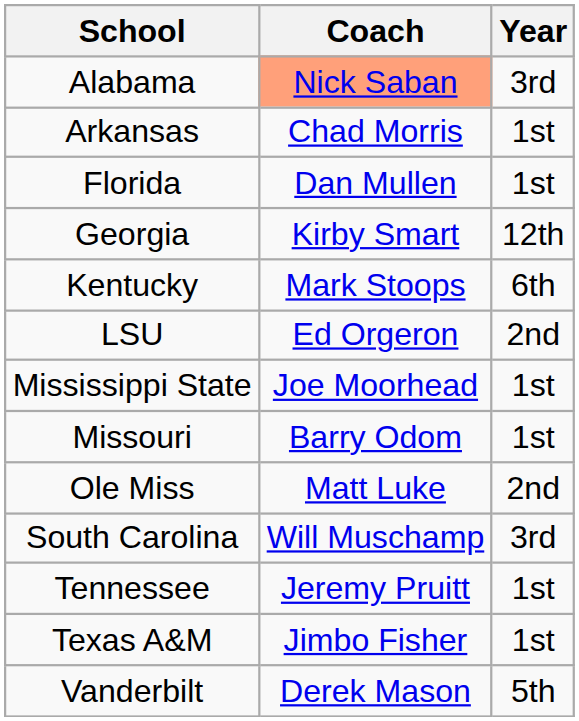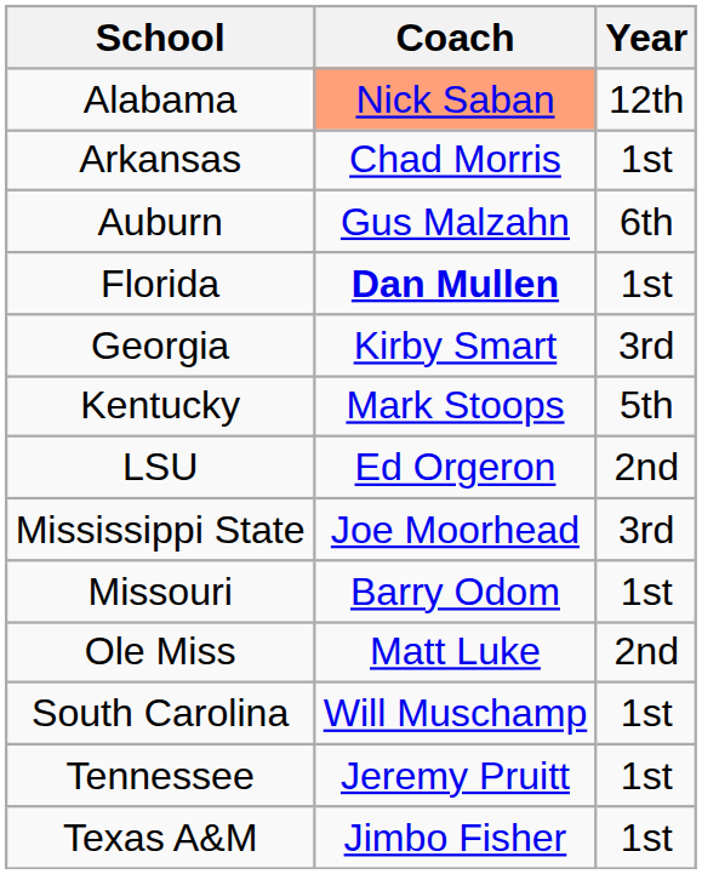 <table class="wikitable" style="font-size:90%; text-align:center">
 <tr>
 <th>School</th>
 <th>Coach</th>
 <th>Year</th>
 </tr>
 <tr>
 <td>Alabama</td>
 <td style="background: lightsalmon;"><a href='#'>Nick Saban</a></td>
-<td>3rd</td>
+<td>12th</td>
 </tr>
 <tr>
 <td>Arkansas</td>
 <td><a href='#'>Chad Morris</a></td>
 <td>1st</td>
 </tr>
 <tr>
+<td>Auburn</td>
+<td><a href='#'>Gus Malzahn</a></td>
+<td>6th</td>
+</tr>
+<tr>
 <td>Florida</td>
-<td><a href='#'>Dan Mullen</a></td>
+<td><strong><a href='#'>Dan Mullen</a></strong></td>
 <td>1st</td>
 </tr>
 <tr>
 <td>Georgia</td>
 <td><a href='#'>Kirby Smart</a></td>
-<td>12th</td>
+<td>3rd</td>
 </tr>
 <tr>
 <td>Kentucky</td>
 <td><a href='#'>Mark Stoops</a></td>
-<td>6th</td>
+<td>5th</td>
 </tr>
 <tr>
 <td>LSU</td>
 <td><a href='#'>Ed Orgeron</a></td>
 <td>2nd</td>
 </tr>
 <tr>
 <td>Mississippi State</td>
 <td><a href='#'>Joe Moorhead</a></td>
-<td>1st</td>
+<td>3rd</td>
 </tr>
 <tr>
 <td>Missouri</td>
 <td><a href='#'>Barry Odom</a></td>
 <td>1st</td>
 </tr>
 <tr>
 <td>Ole Miss</td>
 <td><a href='#'>Matt Luke</a></td>
 <td>2nd</td>
 </tr>
 <tr>
 <td>South Carolina</td>
 <td><a href='#'>Will Muschamp</a></td>
-<td>3rd</td>
+<td>1st</td>
 </tr>
 <tr>
 <td>Tennessee</td>
 <td><a href='#'>Jeremy Pruitt</a></td>
 <td>1st</td>
 </tr>
 <tr>
 <td>Texas A&M</td>
 <td><a href='#'>Jimbo Fisher</a></td>
 <td>1st</td>
 </tr>
-<tr>
-<td>Vanderbilt</td>
-<td><a href='#'>Derek Mason</a></td>
-<td>5th</td>
-</tr>
 </table>
